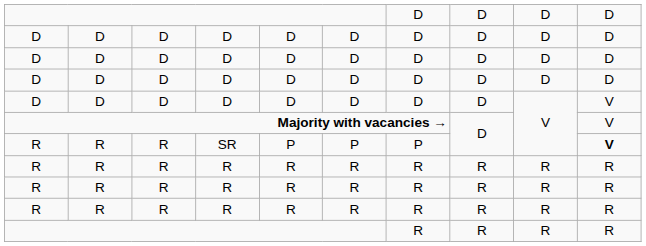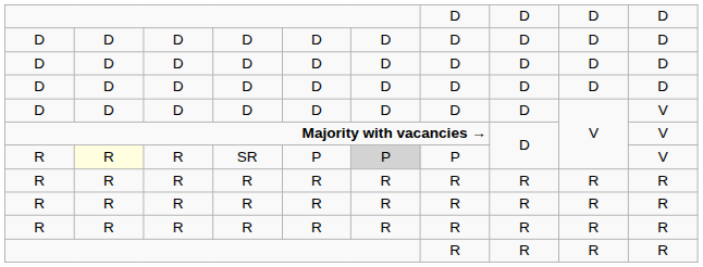 <table class="wikitable" style="text-align:center" width=750px>
 <tr>
 <td colspan=6> </td>
 <td>D</td>
 <td>D</td>
 <td>D</td>
 <td>D</td>
 </tr>
 <tr>
 <td width=50px >D</td>
 <td width=50px >D</td>
 <td width=50px >D</td>
 <td width=50px >D</td>
 <td width=50px >D</td>
 <td width=50px >D</td>
 <td width=50px >D</td>
 <td width=50px >D</td>
 <td width=50px >D</td>
 <td width=50px >D</td>
 </tr>
 <tr>
 <td>D</td>
 <td>D</td>
 <td>D</td>
 <td>D</td>
 <td>D</td>
 <td>D</td>
 <td>D</td>
 <td>D</td>
 <td>D</td>
 <td>D</td>
 </tr>
 <tr>
 <td>D<br></td>
 <td>D<br></td>
 <td>D<br></td>
 <td>D<br></td>
 <td>D<br></td>
 <td>D</td>
 <td>D</td>
 <td>D</td>
 <td>D</td>
 <td>D</td>
 </tr>
 <tr>
 <td>D<br></td>
 <td>D<br></td>
 <td>D<br></td>
 <td>D<br></td>
 <td>D<br></td>
 <td>D<br></td>
 <td>D<br></td>
 <td>D<br></td>
 <td rowspan=3 >V<br></td>
 <td>V<br></td>
 </tr>
 <tr>
 <td colspan=7 align=right><strong>Majority with vacancies →</strong></td>
 <td rowspan=2 >D<br></td>
 <td>V<br></td>
 </tr>
 <tr>
 <td>R<br></td>
-<td>R<br></td>
+<td style="background: lightyellow;">R<br></td>
 <td>R<br></td>
 <td>SR<br></td>
 <td>P</td>
-<td>P</td>
+<td style="background: lightgrey;">P</td>
 <td>P<br></td>
-<td><strong>V<br></strong></td>
+<td>V<br></td>
 </tr>
 <tr>
 <td>R<br></td>
 <td>R<br></td>
 <td>R<br></td>
 <td>R<br></td>
 <td>R<br></td>
 <td>R<br></td>
 <td>R</td>
 <td>R</td>
 <td>R</td>
 <td>R</td>
 </tr>
 <tr>
 <td>R</td>
 <td>R</td>
 <td>R</td>
 <td>R</td>
 <td>R</td>
 <td>R</td>
 <td>R</td>
 <td>R</td>
 <td>R</td>
 <td>R</td>
 </tr>
 <tr>
 <td>R</td>
 <td>R</td>
 <td>R</td>
 <td>R</td>
 <td>R</td>
 <td>R</td>
 <td>R</td>
 <td>R</td>
 <td>R</td>
 <td>R</td>
 </tr>
 <tr>
 <td colspan=6> </td>
 <td>R</td>
 <td>R</td>
 <td>R</td>
 <td>R</td>
 </tr>
 </table>
